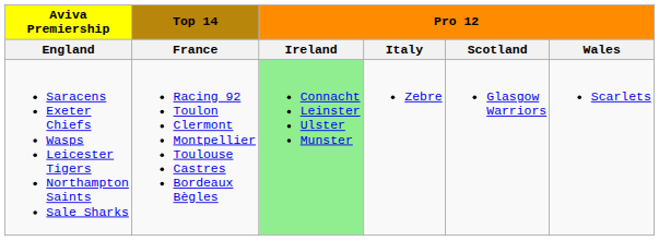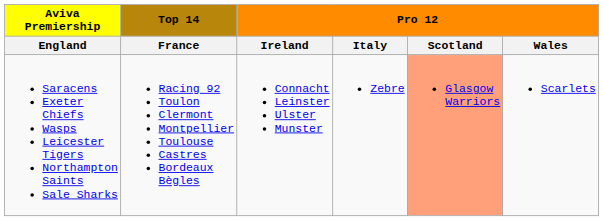 <table class="wikitable" style="width:100%;">
 <tr>
 <th style="background: #ffff00;">Aviva Premiership</th>
 <th style="background: #b8860b;">Top 14</th>
 <th colspan="4" style="background: #ff8c00;">Pro 12</th>
 </tr>
 <tr>
 <th width=18%> England</th>
 <th width=16%> France</th>
 <th width=12%> Ireland</th>
 <th width=16%> Italy</th>
 <th width=16%> Scotland</th>
 <th width=16%> Wales</th>
 </tr>
 <tr valign=top>
 <td><br><ul><li><a href='#'>Saracens</a></li><li><a href='#'>Exeter Chiefs</a></li><li><a href='#'>Wasps</a></li><li><a href='#'>Leicester Tigers</a></li><li><a href='#'>Northampton Saints</a></li><li><a href='#'>Sale Sharks</a></li></ul></td>
 <td><br><ul><li><a href='#'>Racing 92</a></li><li><a href='#'>Toulon</a></li><li><a href='#'>Clermont</a></li><li><a href='#'>Montpellier</a></li><li><a href='#'>Toulouse</a></li><li><a href='#'>Castres</a></li><li><a href='#'>Bordeaux Bègles</a></li></ul></td>
-<td style="background: lightgreen;"><br><ul><li><a href='#'>Connacht</a></li><li><a href='#'>Leinster</a></li><li><a href='#'>Ulster</a></li><li><a href='#'>Munster</a></li></ul></td>
+<td><br><ul><li><a href='#'>Connacht</a></li><li><a href='#'>Leinster</a></li><li><a href='#'>Ulster</a></li><li><a href='#'>Munster</a></li></ul></td>
 <td><br><ul><li><a href='#'>Zebre</a></li></ul></td>
-<td><br><ul><li><a href='#'>Glasgow Warriors</a></li></ul></td>
+<td style="background: lightsalmon;"><br><ul><li><a href='#'>Glasgow Warriors</a></li></ul></td>
 <td><br><ul><li><a href='#'>Scarlets</a></li></ul></td>
 </tr>
 </table>
